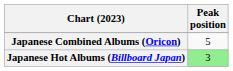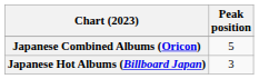 <table class="wikitable sortable plainrowheaders" style="text-align:center">
 <tr>
 <th scope="col">Chart (2023)</th>
 <th scope="col">Peak<br>position</th>
 </tr>
 <tr>
 </tr>
 <tr>
 <th scope="row">Japanese Combined Albums (<a href='#'>Oricon</a>)</th>
 <td>5</td>
 </tr>
 <tr>
 <th scope="row">Japanese Hot Albums (<em><a href='#'>Billboard Japan</a></em>)</th>
-<td style="background: lightgreen;">3</td>
+<td>3</td>
 </tr>
 </table>
